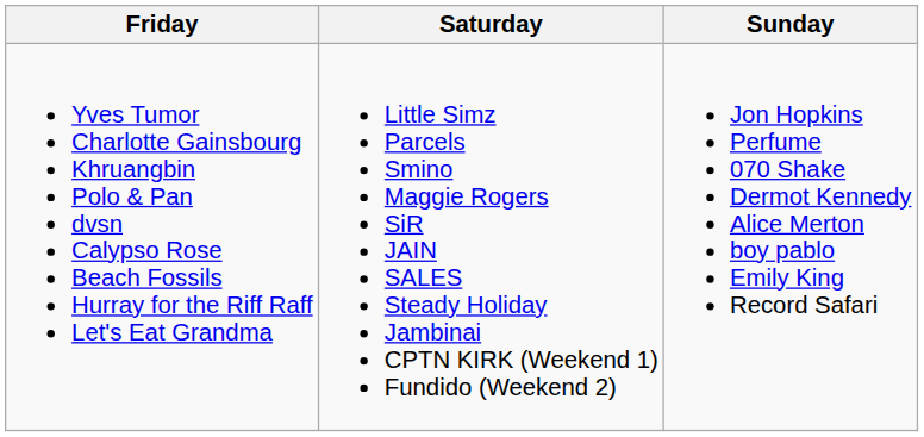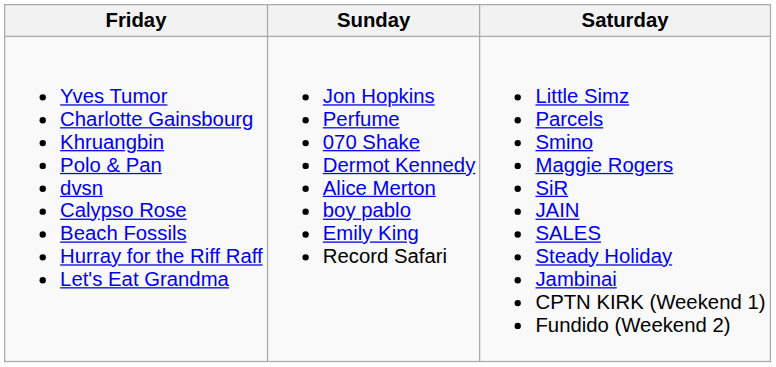 <table class="wikitable">
 <tr>
 <th>Friday</th>
+<th>Sunday</th>
 <th>Saturday</th>
-<th>Sunday</th>
 </tr>
 <tr valign="top">
 <td><br><ul><li><a href='#'>Yves Tumor</a></li><li><a href='#'>Charlotte Gainsbourg</a></li><li><a href='#'>Khruangbin</a></li><li><a href='#'>Polo & Pan</a></li><li><a href='#'>dvsn</a></li><li><a href='#'>Calypso Rose</a></li><li><a href='#'>Beach Fossils</a></li><li><a href='#'>Hurray for the Riff Raff</a></li><li><a href='#'>Let's Eat Grandma</a></li></ul></td>
+<td><br><ul><li><a href='#'>Jon Hopkins</a></li><li><a href='#'>Perfume</a></li><li><a href='#'>070 Shake</a></li><li><a href='#'>Dermot Kennedy</a></li><li><a href='#'>Alice Merton</a></li><li><a href='#'>boy pablo</a></li><li><a href='#'>Emily King</a></li><li>Record Safari</li></ul></td>
 <td><br><ul><li><a href='#'>Little Simz</a></li><li><a href='#'>Parcels</a></li><li><a href='#'>Smino</a></li><li><a href='#'>Maggie Rogers</a></li><li><a href='#'>SiR</a></li><li><a href='#'>JAIN</a></li><li><a href='#'>SALES</a></li><li><a href='#'>Steady Holiday</a></li><li><a href='#'>Jambinai</a></li><li>CPTN KIRK (Weekend 1)</li><li>Fundido (Weekend 2)</li></ul></td>
-<td><br><ul><li><a href='#'>Jon Hopkins</a></li><li><a href='#'>Perfume</a></li><li><a href='#'>070 Shake</a></li><li><a href='#'>Dermot Kennedy</a></li><li><a href='#'>Alice Merton</a></li><li><a href='#'>boy pablo</a></li><li><a href='#'>Emily King</a></li><li>Record Safari</li></ul></td>
 </tr>
 </table>
